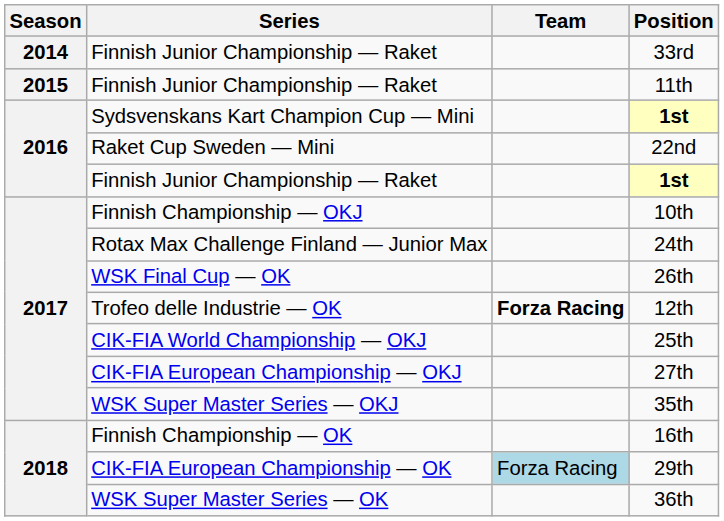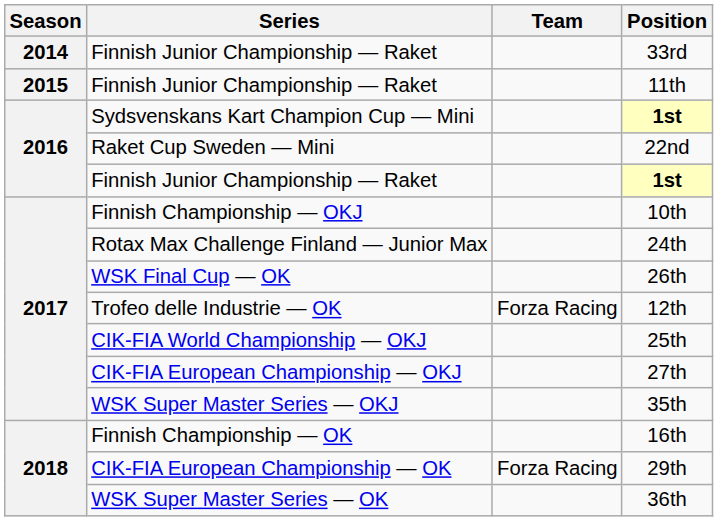 <table class="wikitable" style="font-size: 85%; text-align:center">
 <tr>
 <th>Season</th>
 <th>Series</th>
 <th>Team</th>
 <th>Position</th>
 </tr>
 <tr>
 <th>2014</th>
 <td align="left">Finnish Junior Championship — Raket</td>
 <td align="left"></td>
 <td>33rd</td>
 </tr>
 <tr>
 <th>2015</th>
 <td align="left">Finnish Junior Championship — Raket</td>
 <td align="left"></td>
 <td>11th</td>
 </tr>
 <tr>
 <th rowspan="3">2016</th>
 <td align="left">Sydsvenskans Kart Champion Cup — Mini</td>
 <td align="left"></td>
 <td style="background:#FFFFBF;"><strong>1st</strong></td>
 </tr>
 <tr>
 <td align="left">Raket Cup Sweden — Mini</td>
 <td align="left"></td>
 <td>22nd</td>
 </tr>
 <tr>
 <td align="left">Finnish Junior Championship — Raket</td>
 <td></td>
 <td style="background:#FFFFBF;"><strong>1st</strong></td>
 </tr>
 <tr>
 <th rowspan="7">2017</th>
 <td align="left">Finnish Championship — <a href='#'>OKJ</a></td>
 <td align="left"></td>
 <td>10th</td>
 </tr>
 <tr>
 <td align="left">Rotax Max Challenge Finland — Junior Max</td>
 <td align="left"></td>
 <td>24th</td>
 </tr>
 <tr>
 <td align="left"><a href='#'>WSK Final Cup</a> — <a href='#'>OK</a></td>
 <td align="left"></td>
 <td>26th</td>
 </tr>
 <tr>
 <td align="left">Trofeo delle Industrie — <a href='#'>OK</a></td>
-<td align="left"><strong>Forza Racing</strong></td>
+<td align="left">Forza Racing</td>
 <td>12th</td>
 </tr>
 <tr>
 <td align="left"><a href='#'>CIK-FIA World Championship</a> — <a href='#'>OKJ</a></td>
 <td align="left"></td>
 <td>25th</td>
 </tr>
 <tr>
 <td align="left"><a href='#'>CIK-FIA European Championship</a> — <a href='#'>OKJ</a></td>
 <td align="left"></td>
 <td>27th</td>
 </tr>
 <tr>
 <td align="left"><a href='#'>WSK Super Master Series</a> — <a href='#'>OKJ</a></td>
 <td align="left"></td>
 <td>35th</td>
 </tr>
 <tr>
 <th rowspan="3">2018</th>
 <td align="left">Finnish Championship — <a href='#'>OK</a></td>
 <td align="left"></td>
 <td>16th</td>
 </tr>
 <tr>
 <td align="left"><a href='#'>CIK-FIA European Championship</a> — <a href='#'>OK</a></td>
-<td align="left" style="background: lightblue;">Forza Racing</td>
+<td align="left">Forza Racing</td>
 <td>29th</td>
 </tr>
 <tr>
 <td align="left"><a href='#'>WSK Super Master Series</a> — <a href='#'>OK</a></td>
 <td align="left"></td>
 <td>36th</td>
 </tr>
 </table>
